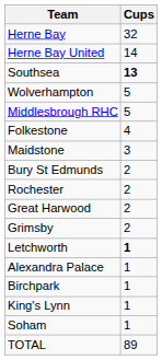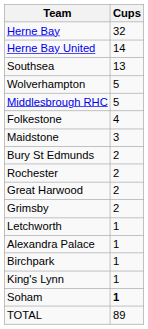 <table class="wikitable sortable">
 <tr>
 <th>Team</th>
 <th>Cups</th>
 </tr>
 <tr>
 <td><a href='#'>Herne Bay</a></td>
 <td>32</td>
 </tr>
 <tr>
 <td><a href='#'>Herne Bay United</a></td>
 <td>14</td>
 </tr>
 <tr>
 <td>Southsea</td>
-<td><strong>13</strong></td>
+<td>13</td>
 </tr>
 <tr>
 <td>Wolverhampton</td>
 <td>5</td>
 </tr>
 <tr>
 <td><a href='#'>Middlesbrough RHC</a></td>
 <td>5</td>
 </tr>
 <tr>
 <td>Folkestone</td>
 <td>4</td>
 </tr>
 <tr>
 <td>Maidstone</td>
 <td>3</td>
 </tr>
 <tr>
 <td>Bury St Edmunds</td>
 <td>2</td>
 </tr>
 <tr>
 <td>Rochester</td>
 <td>2</td>
 </tr>
 <tr>
 <td>Great Harwood</td>
 <td>2</td>
 </tr>
 <tr>
 <td>Grimsby</td>
 <td>2</td>
 </tr>
 <tr>
 <td>Letchworth</td>
-<td><strong>1</strong></td>
+<td>1</td>
 </tr>
 <tr>
 <td>Alexandra Palace</td>
 <td>1</td>
 </tr>
 <tr>
 <td>Birchpark</td>
 <td>1</td>
 </tr>
 <tr>
 <td>King's Lynn</td>
 <td>1</td>
 </tr>
 <tr>
 <td>Soham</td>
-<td>1</td>
+<td><strong>1</strong></td>
 </tr>
 <tr>
 <td>TOTAL</td>
 <td>89</td>
 </tr>
 </table>
